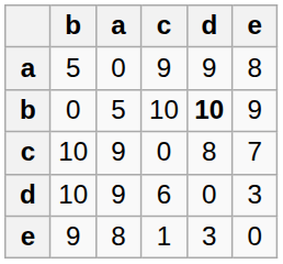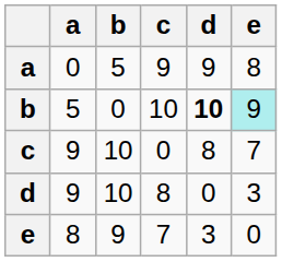 <table class="wikitable" style="text-align: center">
 <tr>
 <th style="width: 20px;"></th>
+<th style="width: 20px;">a</th>
 <th style="width: 20px;">b</th>
-<th style="width: 20px;">a</th>
 <th style="width: 20px;">c</th>
 <th style="width: 20px;">d</th>
 <th style="width: 20px;">e</th>
 </tr>
 <tr>
 <th>a</th>
+<td>0</td>
 <td>5</td>
-<td>0</td>
 <td>9</td>
 <td>9</td>
 <td>8</td>
 </tr>
 <tr>
 <th>b</th>
+<td>5</td>
 <td>0</td>
-<td>5</td>
 <td>10</td>
 <td><strong>10</strong></td>
-<td>9</td>
+<td style="background: paleturquoise;">9</td>
 </tr>
 <tr>
 <th>c</th>
+<td>9</td>
 <td>10</td>
-<td>9</td>
 <td>0</td>
 <td>8</td>
 <td>7</td>
 </tr>
 <tr>
 <th>d</th>
+<td>9</td>
 <td>10</td>
-<td>9</td>
-<td>6</td>
+<td>8</td>
 <td>0</td>
 <td>3</td>
 </tr>
 <tr>
 <th>e</th>
+<td>8</td>
 <td>9</td>
-<td>8</td>
-<td>1</td>
+<td>7</td>
 <td>3</td>
 <td>0</td>
 </tr>
 </table>
